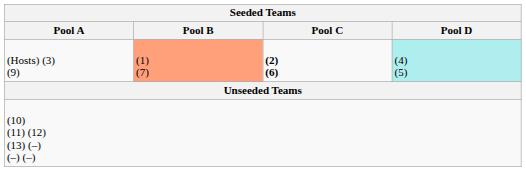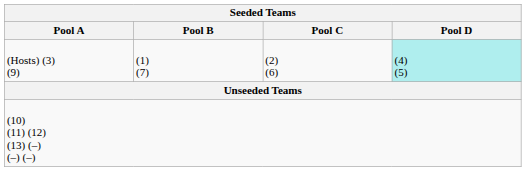 <table class="wikitable" width=750>
 <tr>
 <th colspan=4>Seeded Teams</th>
 </tr>
 <tr>
 <th width=25%>Pool A</th>
 <th width=25%>Pool B</th>
 <th width=25%>Pool C</th>
 <th width=25%>Pool D</th>
 </tr>
 <tr>
 <td><br> (Hosts) (3)<br> (9)</td>
-<td style="background: lightsalmon;"><br> (1)<br>  (7)</td>
-<td><strong><br> (2)<br>  (6)</strong></td>
+<td><br> (1)<br>  (7)</td>
+<td><br> (2)<br>  (6)</td>
 <td style="background: paleturquoise;"><br> (4)<br>  (5)</td>
 </tr>
 <tr>
 <th colspan=4>Unseeded Teams</th>
 </tr>
 <tr>
 <td colspan=4><br>   (10)<br>  (11)   (12)<br>  (13)   (–)<br>  (–)   (–) </td>
 </tr>
 </table>
